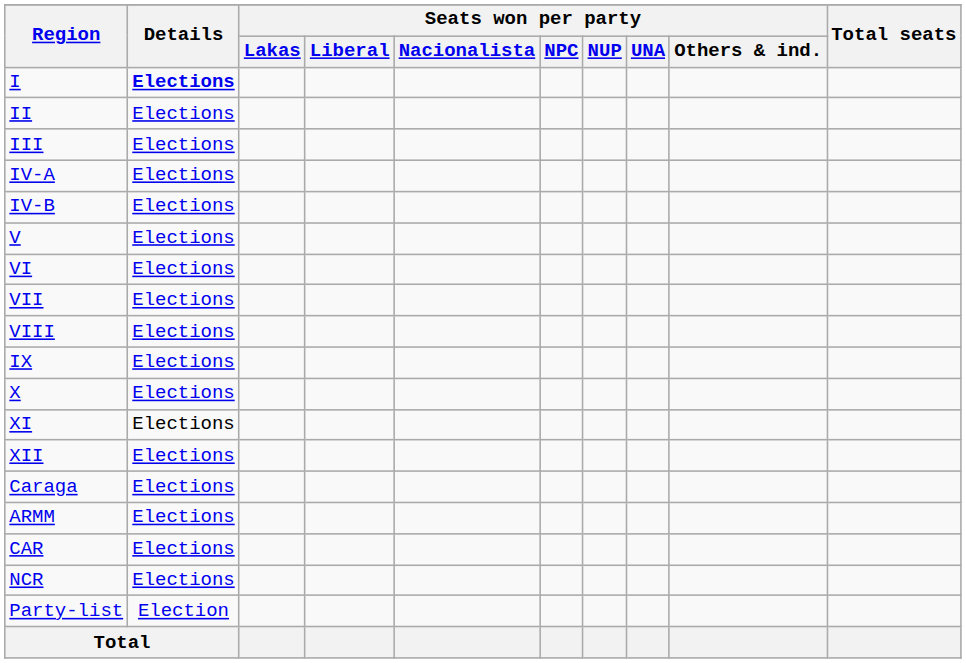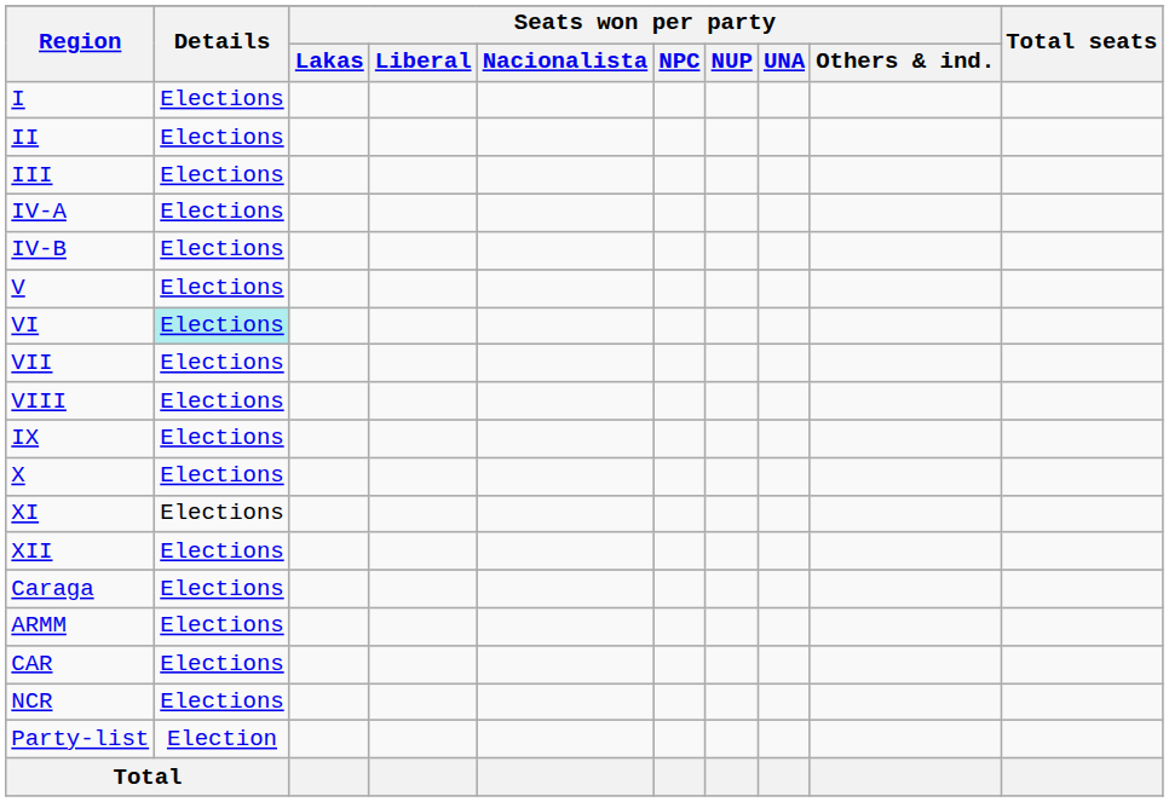 <table class=wikitable style="text-align:center; font-size:93%">
 <tr>
 </tr>
 <tr>
 <th rowspan=2><a href='#'>Region</a></th>
 <th rowspan=2>Details</th>
 <th colspan=7>Seats won per party</th>
 <th rowspan=2>Total seats</th>
 </tr>
 <tr>
 <th><a href='#'>Lakas</a></th>
 <th><a href='#'>Liberal</a></th>
 <th><a href='#'>Nacionalista</a></th>
 <th><a href='#'>NPC</a></th>
 <th><a href='#'>NUP</a></th>
 <th><a href='#'>UNA</a></th>
 <th>Others & ind.</th>
 </tr>
 <tr>
 <td align=left><a href='#'>I</a></td>
-<td><strong><a href='#'>Elections</a></strong></td>
+<td><a href='#'>Elections</a></td>
 <td></td>
 <td></td>
 <td></td>
 <td></td>
 <td></td>
 <td></td>
 <td></td>
 <td></td>
 </tr>
 <tr>
 <td align=left><a href='#'>II</a></td>
 <td><a href='#'>Elections</a></td>
 <td></td>
 <td></td>
 <td></td>
 <td></td>
 <td></td>
 <td></td>
 <td></td>
 <td></td>
 </tr>
 <tr>
 <td align=left><a href='#'>III</a></td>
 <td><a href='#'>Elections</a></td>
 <td></td>
 <td></td>
 <td></td>
 <td></td>
 <td></td>
 <td></td>
 <td></td>
 <td></td>
 </tr>
 <tr>
 <td align=left><a href='#'>IV-A</a></td>
 <td><a href='#'>Elections</a></td>
 <td></td>
 <td></td>
 <td></td>
 <td></td>
 <td></td>
 <td></td>
 <td></td>
 <td></td>
 </tr>
 <tr>
 <td align=left><a href='#'>IV-B</a></td>
 <td><a href='#'>Elections</a></td>
 <td></td>
 <td></td>
 <td></td>
 <td></td>
 <td></td>
 <td></td>
 <td></td>
 <td></td>
 </tr>
 <tr>
 <td align=left><a href='#'>V</a></td>
 <td><a href='#'>Elections</a></td>
 <td></td>
 <td></td>
 <td></td>
 <td></td>
 <td></td>
 <td></td>
 <td></td>
 <td></td>
 </tr>
 <tr>
 <td align=left><a href='#'>VI</a></td>
-<td><a href='#'>Elections</a></td>
+<td style="background: paleturquoise;"><a href='#'>Elections</a></td>
 <td></td>
 <td></td>
 <td></td>
 <td></td>
 <td></td>
 <td></td>
 <td></td>
 <td></td>
 </tr>
 <tr>
 <td align=left><a href='#'>VII</a></td>
 <td><a href='#'>Elections</a></td>
 <td></td>
 <td></td>
 <td></td>
 <td></td>
 <td></td>
 <td></td>
 <td></td>
 <td></td>
 </tr>
 <tr>
 <td align=left><a href='#'>VIII</a></td>
 <td><a href='#'>Elections</a></td>
 <td></td>
 <td></td>
 <td></td>
 <td></td>
 <td></td>
 <td></td>
 <td></td>
 <td></td>
 </tr>
 <tr>
 <td align=left><a href='#'>IX</a></td>
 <td><a href='#'>Elections</a></td>
 <td></td>
 <td></td>
 <td></td>
 <td></td>
 <td></td>
 <td></td>
 <td></td>
 <td></td>
 </tr>
 <tr>
 <td align=left><a href='#'>X</a></td>
 <td><a href='#'>Elections</a></td>
 <td></td>
 <td></td>
 <td></td>
 <td></td>
 <td></td>
 <td></td>
 <td></td>
 <td></td>
 </tr>
 <tr>
 <td align=left><a href='#'>XI</a></td>
 <td>Elections</td>
 <td></td>
 <td></td>
 <td></td>
 <td></td>
 <td></td>
 <td></td>
 <td></td>
 <td></td>
 </tr>
 <tr>
 <td align=left><a href='#'>XII</a></td>
 <td><a href='#'>Elections</a></td>
 <td></td>
 <td></td>
 <td></td>
 <td></td>
 <td></td>
 <td></td>
 <td></td>
 <td></td>
 </tr>
 <tr>
 <td align=left><a href='#'>Caraga</a></td>
 <td><a href='#'>Elections</a></td>
 <td></td>
 <td></td>
 <td></td>
 <td></td>
 <td></td>
 <td></td>
 <td></td>
 <td></td>
 </tr>
 <tr>
 <td align=left><a href='#'>ARMM</a></td>
 <td><a href='#'>Elections</a></td>
 <td></td>
 <td></td>
 <td></td>
 <td></td>
 <td></td>
 <td></td>
 <td></td>
 <td></td>
 </tr>
 <tr>
 <td align=left><a href='#'>CAR</a></td>
 <td><a href='#'>Elections</a></td>
 <td></td>
 <td></td>
 <td></td>
 <td></td>
 <td></td>
 <td></td>
 <td></td>
 <td></td>
 </tr>
 <tr>
 <td align=left><a href='#'>NCR</a></td>
 <td><a href='#'>Elections</a></td>
 <td></td>
 <td></td>
 <td></td>
 <td></td>
 <td></td>
 <td></td>
 <td></td>
 <td></td>
 </tr>
 <tr>
 <td align=left><a href='#'>Party-list</a></td>
 <td><a href='#'>Election</a></td>
 <td></td>
 <td></td>
 <td></td>
 <td></td>
 <td></td>
 <td></td>
 <td></td>
 <td></td>
 </tr>
 <tr>
 <th colspan=2>Total</th>
 <th></th>
 <th></th>
 <th></th>
 <th></th>
 <th></th>
 <th></th>
 <th></th>
 <th></th>
 </tr>
 </table>
